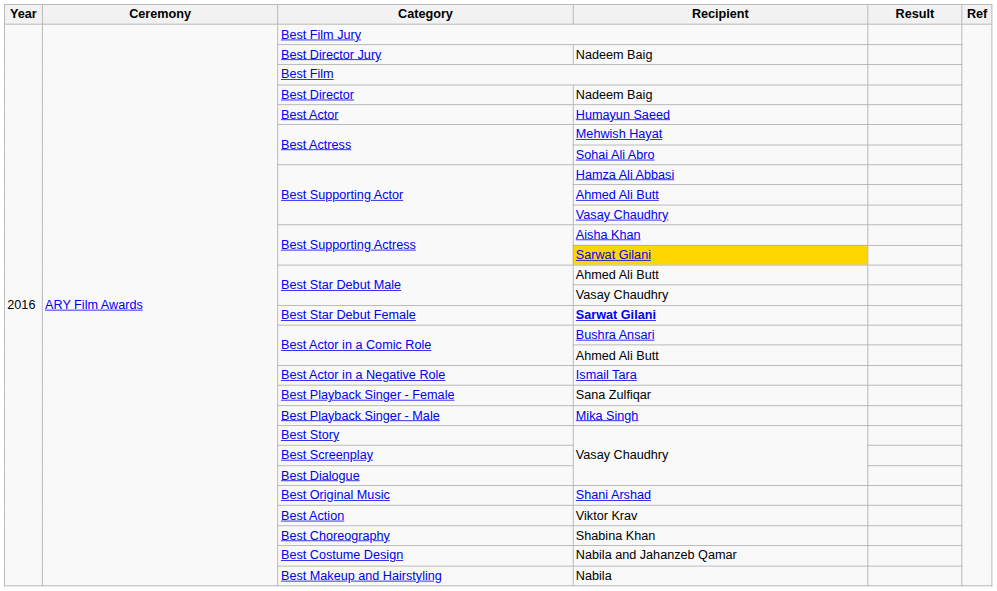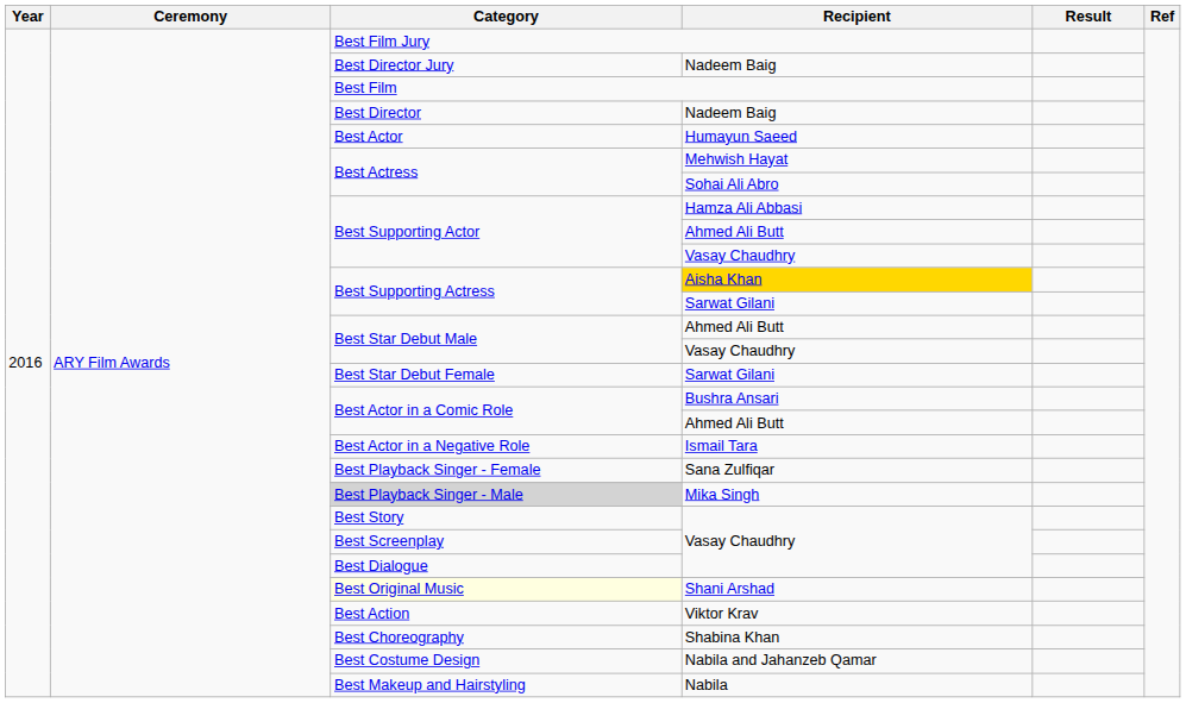 <table class="wikitable" style="width:99%;"  >
 <tr>
 <th width="2%" scope="col">Year</th>
 <th width="20%" scope="col">Ceremony</th>
 <th width="25%" scope="col">Category</th>
 <th width="25%" scope="col">Recipient</th>
 <th width="8%" scope="col">Result</th>
 <th width="2%" scope="col">Ref</th>
 </tr>
 <tr>
 <td rowspan="39">2016</td>
 <td rowspan="29"><a href='#'>ARY Film Awards</a></td>
 <td colspan="2"><a href='#'>Best Film Jury</a></td>
 <td></td>
 <td rowspan="29"></td>
 </tr>
 <tr>
 <td><a href='#'>Best Director Jury</a></td>
 <td>Nadeem Baig</td>
 <td></td>
 </tr>
 <tr>
 <td colspan="2"><a href='#'>Best Film</a></td>
 <td></td>
 </tr>
 <tr>
 <td><a href='#'>Best Director</a></td>
 <td>Nadeem Baig</td>
 <td></td>
 </tr>
 <tr>
 <td><a href='#'>Best Actor</a></td>
 <td><a href='#'>Humayun Saeed</a></td>
 <td></td>
 </tr>
 <tr>
 <td rowspan=2><a href='#'>Best Actress</a></td>
 <td><a href='#'>Mehwish Hayat</a></td>
 <td></td>
 </tr>
 <tr>
 <td><a href='#'>Sohai Ali Abro</a></td>
 <td></td>
 </tr>
 <tr>
 <td rowspan=3><a href='#'>Best Supporting Actor</a></td>
 <td><a href='#'>Hamza Ali Abbasi</a></td>
 <td></td>
 </tr>
 <tr>
 <td><a href='#'>Ahmed Ali Butt</a></td>
 <td></td>
 </tr>
 <tr>
 <td><a href='#'>Vasay Chaudhry</a></td>
 <td></td>
 </tr>
 <tr>
 <td rowspan="2"><a href='#'>Best Supporting Actress</a></td>
-<td><a href='#'>Aisha Khan</a></td>
+<td style="background: gold;"><a href='#'>Aisha Khan</a></td>
 <td></td>
 </tr>
 <tr>
-<td style="background: gold;"><a href='#'>Sarwat Gilani</a></td>
+<td><a href='#'>Sarwat Gilani</a></td>
 <td></td>
 </tr>
 <tr>
 <td rowspan="2"><a href='#'>Best Star Debut Male</a></td>
 <td>Ahmed Ali Butt</td>
 <td></td>
 </tr>
 <tr>
 <td>Vasay Chaudhry</td>
 <td></td>
 </tr>
 <tr>
 <td><a href='#'>Best Star Debut Female</a></td>
-<td><strong><a href='#'>Sarwat Gilani</a></strong></td>
+<td><a href='#'>Sarwat Gilani</a></td>
 <td></td>
 </tr>
 <tr>
 <td rowspan="2"><a href='#'>Best Actor in a Comic Role</a></td>
 <td><a href='#'>Bushra Ansari</a></td>
 <td></td>
 </tr>
 <tr>
 <td>Ahmed Ali Butt</td>
 <td></td>
 </tr>
 <tr>
 <td><a href='#'>Best Actor in a Negative Role</a></td>
 <td><a href='#'>Ismail Tara</a></td>
 <td></td>
 </tr>
 <tr>
 <td><a href='#'>Best Playback Singer - Female</a></td>
 <td>Sana Zulfiqar</td>
 <td></td>
 </tr>
 <tr>
-<td><a href='#'>Best Playback Singer - Male</a></td>
+<td style="background: lightgrey;"><a href='#'>Best Playback Singer - Male</a></td>
 <td><a href='#'>Mika Singh</a></td>
 <td></td>
 </tr>
 <tr>
 <td><a href='#'>Best Story</a></td>
 <td rowspan="3">Vasay Chaudhry</td>
 <td></td>
 </tr>
 <tr>
 <td><a href='#'>Best Screenplay</a></td>
 <td></td>
 </tr>
 <tr>
 <td><a href='#'>Best Dialogue</a></td>
 <td></td>
 </tr>
 <tr>
-<td><a href='#'>Best Original Music</a></td>
+<td style="background: lightyellow;"><a href='#'>Best Original Music</a></td>
 <td><a href='#'>Shani Arshad</a></td>
 <td></td>
 </tr>
 <tr>
 <td><a href='#'>Best Action</a></td>
 <td>Viktor Krav</td>
 <td></td>
 </tr>
 <tr>
 <td><a href='#'>Best Choreography</a></td>
 <td>Shabina Khan</td>
 <td></td>
 </tr>
 <tr>
 <td><a href='#'>Best Costume Design</a></td>
 <td>Nabila and Jahanzeb Qamar</td>
 <td></td>
 </tr>
 <tr>
 <td><a href='#'>Best Makeup and Hairstyling</a></td>
 <td>Nabila</td>
 <td></td>
 </tr>
 </table>
